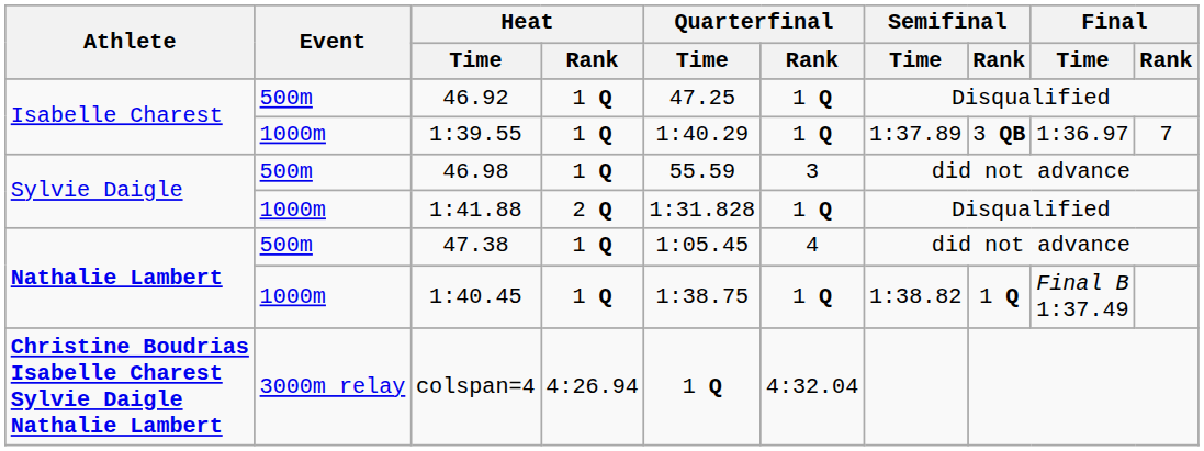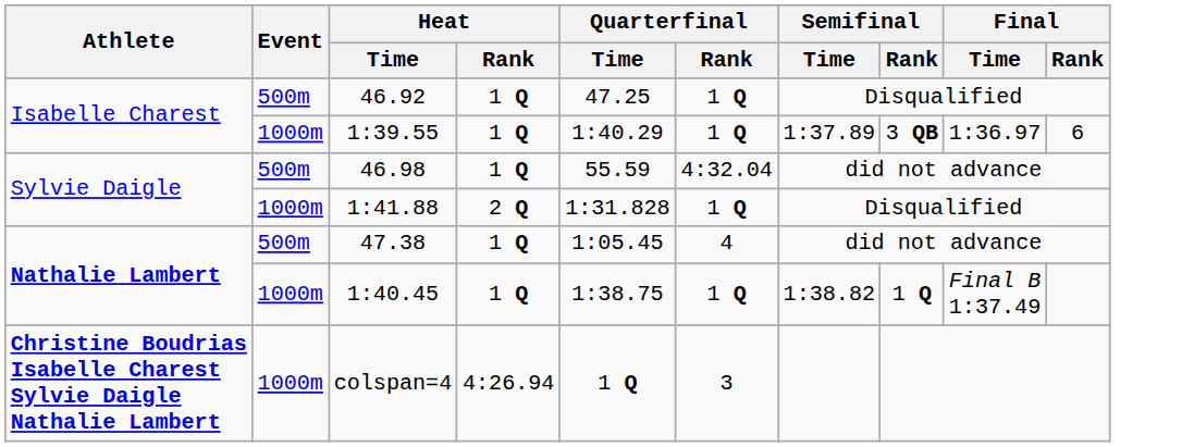 <table class="wikitable" style="font-size:90%">
 <tr>
 <th rowspan="2">Athlete</th>
 <th rowspan="2">Event</th>
 <th colspan="2">Heat</th>
 <th colspan="2">Quarterfinal</th>
 <th colspan="2">Semifinal</th>
 <th colspan="2">Final</th>
 </tr>
 <tr>
 <th>Time</th>
 <th>Rank</th>
 <th>Time</th>
 <th>Rank</th>
 <th>Time</th>
 <th>Rank</th>
 <th>Time</th>
 <th>Rank</th>
 </tr>
 <tr align="center">
 <td align="left" rowspan=2><a href='#'>Isabelle Charest</a></td>
 <td align="left"><a href='#'>500m</a></td>
 <td>46.92</td>
 <td>1 <strong>Q</strong></td>
 <td>47.25</td>
 <td>1 <strong>Q</strong></td>
 <td colspan=4>Disqualified</td>
 </tr>
 <tr align="center">
 <td align="left"><a href='#'>1000m</a></td>
 <td>1:39.55 </td>
 <td>1 <strong>Q</strong></td>
 <td>1:40.29</td>
 <td>1 <strong>Q</strong></td>
 <td>1:37.89</td>
 <td>3 <strong>QB</strong></td>
 <td>1:36.97</td>
-<td>7</td>
+<td>6</td>
 </tr>
 <tr align="center">
 <td align="left" rowspan=2><a href='#'>Sylvie Daigle</a></td>
 <td align="left"><a href='#'>500m</a></td>
 <td>46.98</td>
 <td>1 <strong>Q</strong></td>
 <td>55.59</td>
-<td>3</td>
+<td>4:32.04</td>
 <td colspan=4>did not advance</td>
 </tr>
 <tr align="center">
 <td align="left"><a href='#'>1000m</a></td>
 <td>1:41.88 </td>
 <td>2 <strong>Q</strong></td>
 <td>1:31.828</td>
 <td>1 <strong>Q</strong></td>
 <td colspan=4>Disqualified</td>
 </tr>
 <tr align="center">
 <td align="left" rowspan=2><strong><a href='#'>Nathalie Lambert</a></strong></td>
 <td align="left"><a href='#'>500m</a></td>
 <td>47.38</td>
 <td>1 <strong>Q</strong></td>
 <td>1:05.45</td>
 <td>4</td>
 <td colspan=4>did not advance</td>
 </tr>
 <tr align="center">
 <td align="left"><a href='#'>1000m</a></td>
 <td>1:40.45</td>
 <td>1 <strong>Q</strong></td>
 <td>1:38.75 </td>
 <td>1 <strong>Q</strong></td>
 <td>1:38.82</td>
 <td>1 <strong>Q</strong></td>
 <td><em>Final B</em> <br> 1:37.49</td>
 <td></td>
 </tr>
 <tr align="center">
 <td align="left" rowspan=2><strong><a href='#'>Christine Boudrias</a> <br> <a href='#'>Isabelle Charest</a> <br> <a href='#'>Sylvie Daigle</a> <br> <a href='#'>Nathalie Lambert</a></strong></td>
-<td align="left"><a href='#'>3000m relay</a></td>
+<td align="left"><a href='#'>1000m</a></td>
 <td>colspan=4 </td>
 <td>4:26.94 </td>
 <td>1 <strong>Q</strong></td>
-<td>4:32.04</td>
+<td>3</td>
 <td></td>
 </tr>
 </table>
